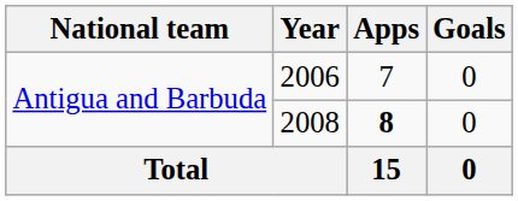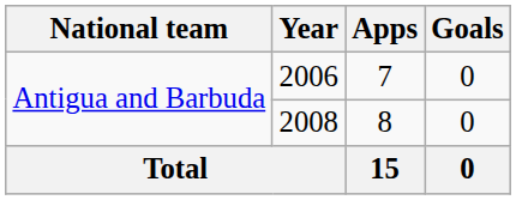 <table class=wikitable style=text-align:center>
 <tr>
 <th>National team</th>
 <th>Year</th>
 <th>Apps</th>
 <th>Goals</th>
 </tr>
 <tr>
 <td rowspan=2><a href='#'>Antigua and Barbuda</a></td>
 <td>2006</td>
 <td>7</td>
 <td>0</td>
 </tr>
 <tr>
 <td>2008</td>
-<td><strong>8</strong></td>
+<td>8</td>
 <td>0</td>
 </tr>
 <tr>
 <th colspan=2>Total</th>
 <th>15</th>
 <th>0</th>
 </tr>
 </table>
